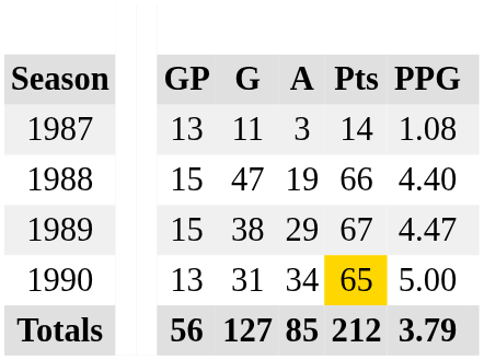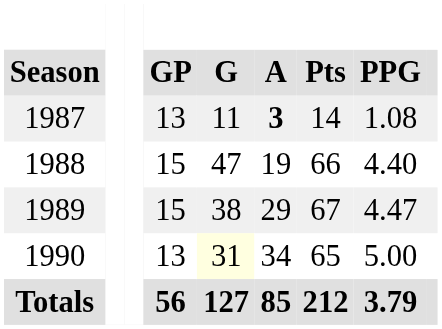 <table BORDER="0" CELLPADDING="3" CELLSPACING="0">
 <tr ALIGN="center" bgcolor="#e0e0e0">
 <th colspan="1" bgcolor="#ffffff"> </th>
 <th rowspan="99" bgcolor="#ffffff"> </th>
 <th rowspan="99" bgcolor="#ffffff"> </th>
 </tr>
 <tr ALIGN="center" bgcolor="#e0e0e0">
 <th>Season</th>
 <th>GP</th>
 <th>G</th>
 <th>A</th>
 <th>Pts</th>
 <th>PPG</th>
 <th></th>
 </tr>
 <tr ALIGN="center" bgcolor="#f0f0f0">
 <td>1987</td>
 <td>13</td>
 <td>11</td>
-<td>3</td>
+<td><strong>3</strong></td>
 <td>14</td>
 <td>1.08</td>
 <td></td>
 </tr>
 <tr ALIGN="center">
 <td>1988</td>
 <td>15</td>
 <td>47</td>
 <td>19</td>
 <td>66</td>
 <td>4.40</td>
 <td></td>
 </tr>
 <tr ALIGN="center" bgcolor="#f0f0f0">
 <td>1989</td>
 <td>15</td>
 <td>38</td>
 <td>29</td>
 <td>67</td>
 <td>4.47</td>
 <td></td>
 </tr>
 <tr ALIGN="center">
 <td>1990</td>
 <td>13</td>
-<td>31</td>
+<td style="background: lightyellow;">31</td>
 <td>34</td>
-<td style="background: gold;">65</td>
+<td>65</td>
 <td>5.00</td>
 <td></td>
 </tr>
 <tr ALIGN="center" bgcolor="#e0e0e0">
 <th colspan="1.5">Totals</th>
 <th>56</th>
 <th>127</th>
 <th>85</th>
 <th>212</th>
 <th>3.79</th>
 <th></th>
 </tr>
 </table>
